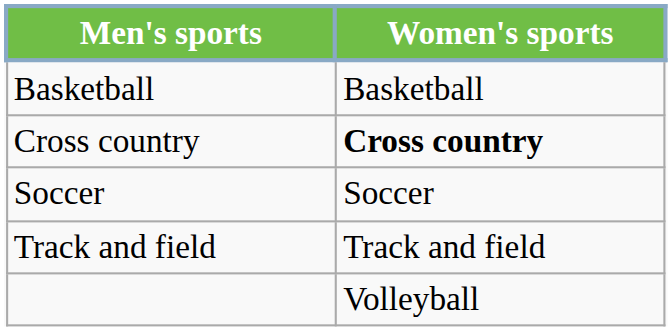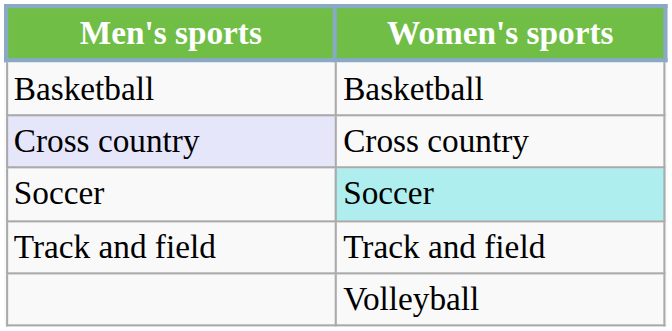 <table class="wikitable"; style= "text-align: ">
 <tr>
 <th width= 150px style="background:#70BE46; color:white; border:2px solid #89A9C5">Men's sports</th>
 <th width= 150px style="background:#70BE46; color:white; border:2px solid #89A9C5">Women's sports</th>
 </tr>
 <tr>
 <td>Basketball</td>
 <td>Basketball</td>
 </tr>
 <tr>
+<td style="background: lavender;">Cross country</td>
 <td>Cross country</td>
-<td><strong>Cross country</strong></td>
 </tr>
 <tr>
 <td>Soccer</td>
-<td>Soccer</td>
+<td style="background: paleturquoise;">Soccer</td>
 </tr>
 <tr>
 <td>Track and field</td>
 <td>Track and field</td>
 </tr>
 <tr>
 <td></td>
 <td>Volleyball</td>
 </tr>
 </table>
